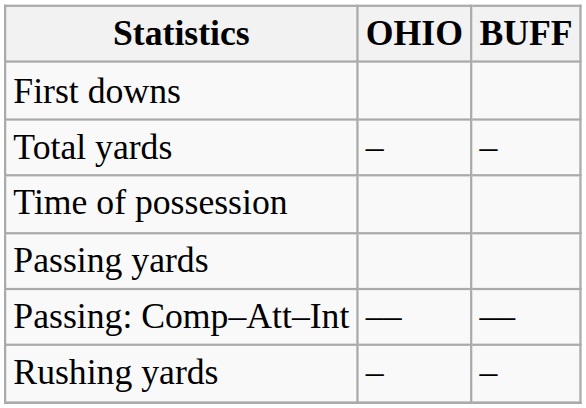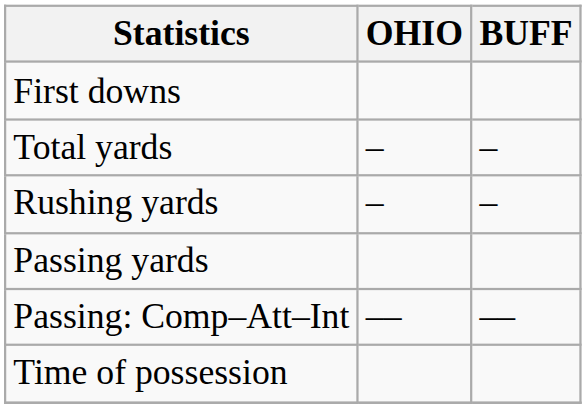 <table class="wikitable" style="float:left">
 <tr>
 <th>Statistics</th>
 <th>OHIO</th>
 <th>BUFF</th>
 </tr>
 <tr>
 <td>First downs</td>
 <td></td>
 <td></td>
 </tr>
 <tr>
 <td>Total yards</td>
 <td>–</td>
 <td>–</td>
 </tr>
 <tr>
-<td>Time of possession</td>
-<td></td>
-<td></td>
+<td>Rushing yards</td>
+<td>–</td>
+<td>–</td>
 </tr>
 <tr>
 <td>Passing yards</td>
 <td></td>
 <td></td>
 </tr>
 <tr>
 <td>Passing: Comp–Att–Int</td>
 <td>––</td>
 <td>––</td>
 </tr>
 <tr>
-<td>Rushing yards</td>
-<td>–</td>
-<td>–</td>
+<td>Time of possession</td>
+<td></td>
+<td></td>
 </tr>
 <tr>
 </tr>
 </table>
